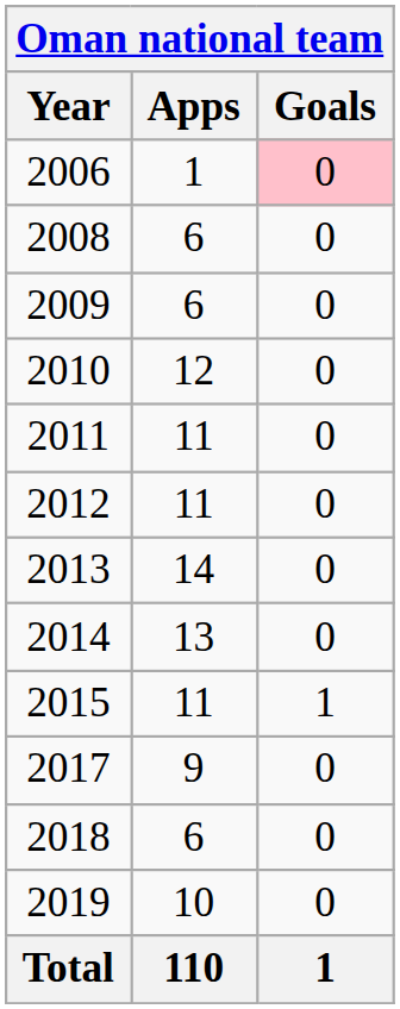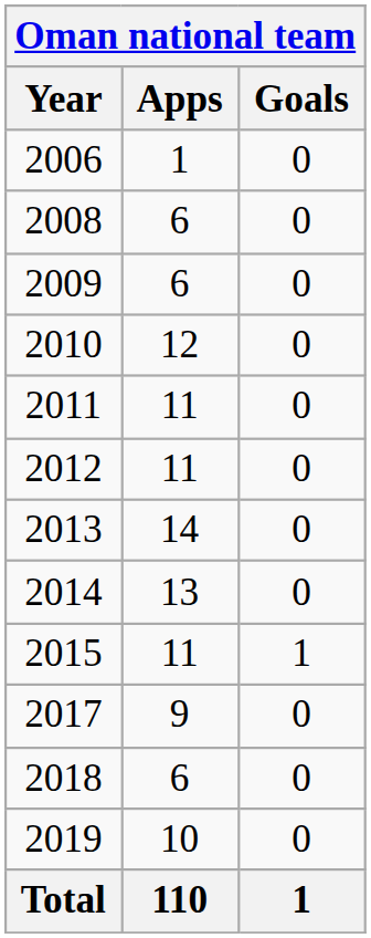 <table class="wikitable" style="text-align:center">
 <tr>
 <th colspan=3><a href='#'>Oman national team</a></th>
 </tr>
 <tr>
 <th>Year</th>
 <th>Apps</th>
 <th>Goals</th>
 </tr>
 <tr>
 <td>2006</td>
 <td>1</td>
-<td style="background: pink;">0</td>
+<td>0</td>
 </tr>
 <tr>
 <td>2008</td>
 <td>6</td>
 <td>0</td>
 </tr>
 <tr>
 <td>2009</td>
 <td>6</td>
 <td>0</td>
 </tr>
 <tr>
 <td>2010</td>
 <td>12</td>
 <td>0</td>
 </tr>
 <tr>
 <td>2011</td>
 <td>11</td>
 <td>0</td>
 </tr>
 <tr>
 <td>2012</td>
 <td>11</td>
 <td>0</td>
 </tr>
 <tr>
 <td>2013</td>
 <td>14</td>
 <td>0</td>
 </tr>
 <tr>
 <td>2014</td>
 <td>13</td>
 <td>0</td>
 </tr>
 <tr>
 <td>2015</td>
 <td>11</td>
 <td>1</td>
 </tr>
 <tr>
 <td>2017</td>
 <td>9</td>
 <td>0</td>
 </tr>
 <tr>
 <td>2018</td>
 <td>6</td>
 <td>0</td>
 </tr>
 <tr>
 <td>2019</td>
 <td>10</td>
 <td>0</td>
 </tr>
 <tr>
 <th>Total</th>
 <th>110</th>
 <th>1</th>
 </tr>
 </table>
